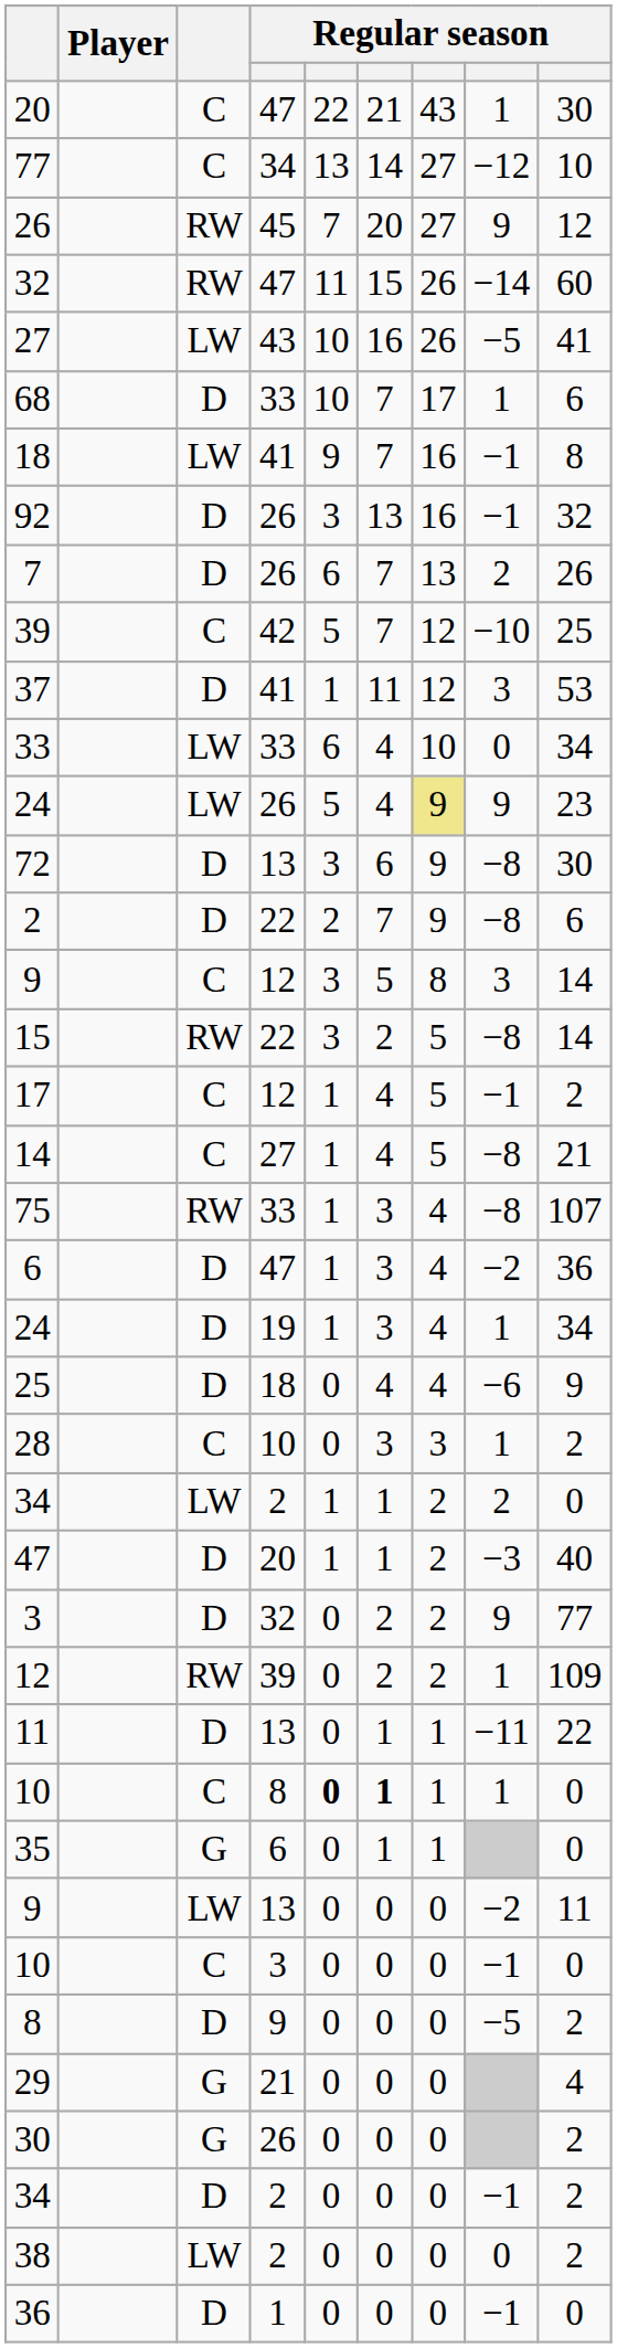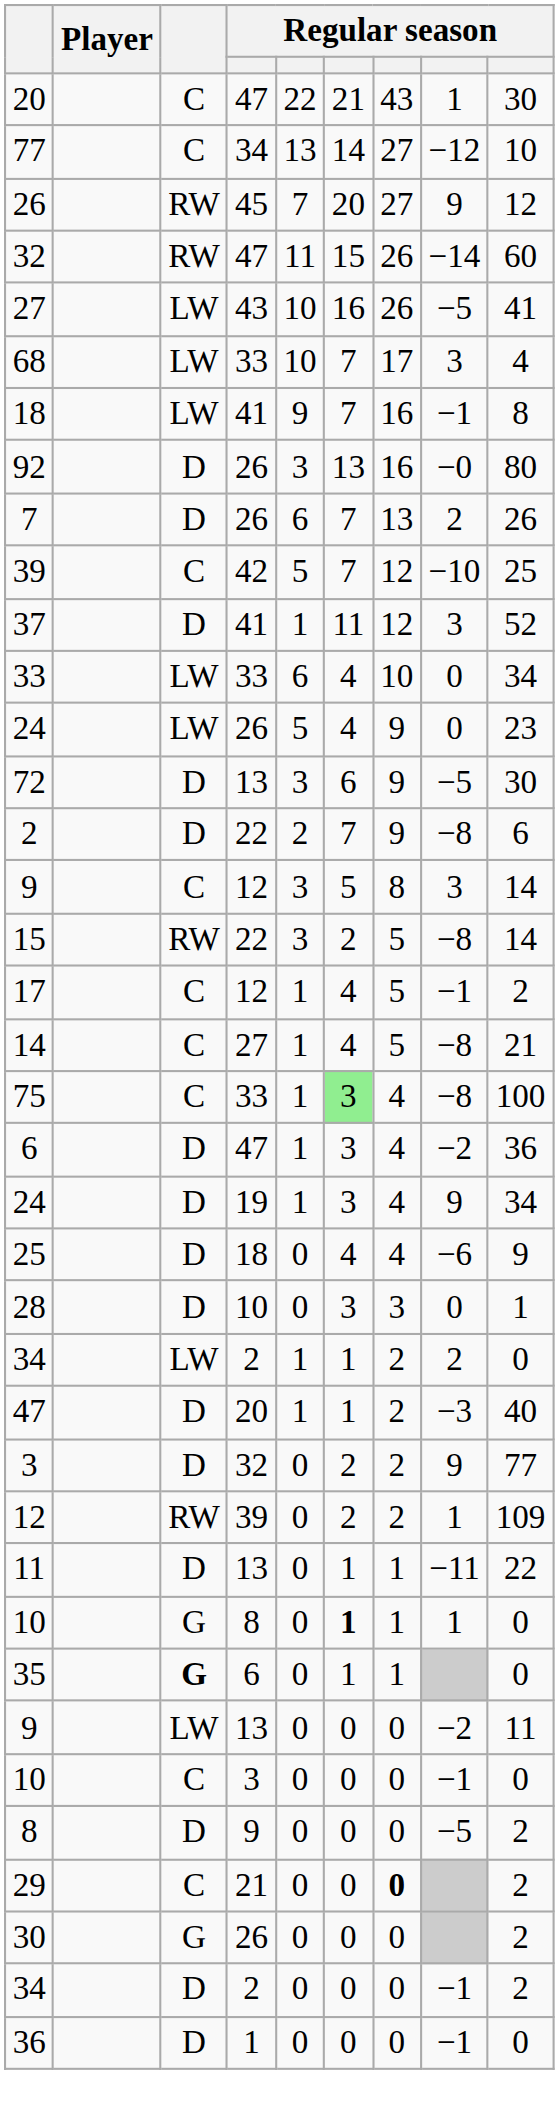 <table class="wikitable sortable plainrowheaders" style="text-align:center;">
 <tr>
 <th scope="col" data-sort-type="number" rowspan="2"></th>
 <th scope="col" rowspan="2">Player</th>
 <th scope="col" rowspan="2"></th>
 <th scope=colgroup colspan=6>Regular season</th>
 </tr>
 <tr>
 <th scope="col" data-sort-type="number"></th>
 <th scope="col" data-sort-type="number"></th>
 <th scope="col" data-sort-type="number"></th>
 <th scope="col" data-sort-type="number"></th>
 <th scope="col" data-sort-type="number"></th>
 <th scope="col" data-sort-type="number"></th>
 </tr>
 <tr>
 <td scope="row">20</td>
 <td align="left"></td>
 <td>C</td>
 <td>47</td>
 <td>22</td>
 <td>21</td>
 <td>43</td>
 <td>1</td>
 <td>30</td>
 </tr>
 <tr>
 <td scope="row">77</td>
 <td align="left"></td>
 <td>C</td>
 <td>34</td>
 <td>13</td>
 <td>14</td>
 <td>27</td>
 <td>−12</td>
 <td>10</td>
 </tr>
 <tr>
 <td scope="row">26</td>
 <td align="left"></td>
 <td>RW</td>
 <td>45</td>
 <td>7</td>
 <td>20</td>
 <td>27</td>
 <td>9</td>
 <td>12</td>
 </tr>
 <tr>
 <td scope="row">32</td>
 <td align="left"></td>
 <td>RW</td>
 <td>47</td>
 <td>11</td>
 <td>15</td>
 <td>26</td>
 <td>−14</td>
 <td>60</td>
 </tr>
 <tr>
 <td scope="row">27</td>
 <td align="left"></td>
 <td>LW</td>
 <td>43</td>
 <td>10</td>
 <td>16</td>
 <td>26</td>
 <td>−5</td>
 <td>41</td>
 </tr>
 <tr>
 <td scope="row">68</td>
 <td align="left"></td>
-<td>D</td>
+<td>LW</td>
 <td>33</td>
 <td>10</td>
 <td>7</td>
 <td>17</td>
-<td>1</td>
-<td>6</td>
+<td>3</td>
+<td>4</td>
 </tr>
 <tr>
 <td scope="row">18</td>
 <td align="left"></td>
 <td>LW</td>
 <td>41</td>
 <td>9</td>
 <td>7</td>
 <td>16</td>
 <td>−1</td>
 <td>8</td>
 </tr>
 <tr>
 <td scope="row">92</td>
 <td align="left"></td>
 <td>D</td>
 <td>26</td>
 <td>3</td>
 <td>13</td>
 <td>16</td>
-<td>−1</td>
-<td>32</td>
+<td>−0</td>
+<td>80</td>
 </tr>
 <tr>
 <td scope="row">7</td>
 <td align="left"></td>
 <td>D</td>
 <td>26</td>
 <td>6</td>
 <td>7</td>
 <td>13</td>
 <td>2</td>
 <td>26</td>
 </tr>
 <tr>
 <td scope="row">39</td>
 <td align="left"></td>
 <td>C</td>
 <td>42</td>
 <td>5</td>
 <td>7</td>
 <td>12</td>
 <td>−10</td>
 <td>25</td>
 </tr>
 <tr>
 <td scope="row">37</td>
 <td align="left"></td>
 <td>D</td>
 <td>41</td>
 <td>1</td>
 <td>11</td>
 <td>12</td>
 <td>3</td>
-<td>53</td>
+<td>52</td>
 </tr>
 <tr>
 <td scope="row">33</td>
 <td align="left"></td>
 <td>LW</td>
 <td>33</td>
 <td>6</td>
 <td>4</td>
 <td>10</td>
 <td>0</td>
 <td>34</td>
 </tr>
 <tr>
 <td scope="row">24</td>
 <td align="left"></td>
 <td>LW</td>
 <td>26</td>
 <td>5</td>
 <td>4</td>
-<td style="background: khaki;">9</td>
 <td>9</td>
+<td>0</td>
 <td>23</td>
 </tr>
 <tr>
 <td scope="row">72</td>
 <td align="left"></td>
 <td>D</td>
 <td>13</td>
 <td>3</td>
 <td>6</td>
 <td>9</td>
-<td>−8</td>
+<td>−5</td>
 <td>30</td>
 </tr>
 <tr>
 <td scope="row">2</td>
 <td align="left"></td>
 <td>D</td>
 <td>22</td>
 <td>2</td>
 <td>7</td>
 <td>9</td>
 <td>−8</td>
 <td>6</td>
 </tr>
 <tr>
 <td scope="row">9</td>
 <td align="left"></td>
 <td>C</td>
 <td>12</td>
 <td>3</td>
 <td>5</td>
 <td>8</td>
 <td>3</td>
 <td>14</td>
 </tr>
 <tr>
 <td scope="row">15</td>
 <td align="left"></td>
 <td>RW</td>
 <td>22</td>
 <td>3</td>
 <td>2</td>
 <td>5</td>
 <td>−8</td>
 <td>14</td>
 </tr>
 <tr>
 <td scope="row">17</td>
 <td align="left"></td>
 <td>C</td>
 <td>12</td>
 <td>1</td>
 <td>4</td>
 <td>5</td>
 <td>−1</td>
 <td>2</td>
 </tr>
 <tr>
 <td scope="row">14</td>
 <td align="left"></td>
 <td>C</td>
 <td>27</td>
 <td>1</td>
 <td>4</td>
 <td>5</td>
 <td>−8</td>
 <td>21</td>
 </tr>
 <tr>
 <td scope="row">75</td>
 <td align="left"></td>
-<td>RW</td>
+<td>C</td>
 <td>33</td>
 <td>1</td>
-<td>3</td>
+<td style="background: lightgreen;">3</td>
 <td>4</td>
 <td>−8</td>
-<td>107</td>
+<td>100</td>
 </tr>
 <tr>
 <td scope="row">6</td>
 <td align="left"></td>
 <td>D</td>
 <td>47</td>
 <td>1</td>
 <td>3</td>
 <td>4</td>
 <td>−2</td>
 <td>36</td>
 </tr>
 <tr>
 <td scope="row">24</td>
 <td align="left"></td>
 <td>D</td>
 <td>19</td>
 <td>1</td>
 <td>3</td>
 <td>4</td>
-<td>1</td>
+<td>9</td>
 <td>34</td>
 </tr>
 <tr>
 <td scope="row">25</td>
 <td align="left"></td>
 <td>D</td>
 <td>18</td>
 <td>0</td>
 <td>4</td>
 <td>4</td>
 <td>−6</td>
 <td>9</td>
 </tr>
 <tr>
 <td scope="row">28</td>
 <td align="left"></td>
-<td>C</td>
+<td>D</td>
 <td>10</td>
 <td>0</td>
 <td>3</td>
 <td>3</td>
+<td>0</td>
 <td>1</td>
-<td>2</td>
 </tr>
 <tr>
 <td scope="row">34</td>
 <td align="left"></td>
 <td>LW</td>
 <td>2</td>
 <td>1</td>
 <td>1</td>
 <td>2</td>
 <td>2</td>
 <td>0</td>
 </tr>
 <tr>
 <td scope="row">47</td>
 <td align="left"></td>
 <td>D</td>
 <td>20</td>
 <td>1</td>
 <td>1</td>
 <td>2</td>
 <td>−3</td>
 <td>40</td>
 </tr>
 <tr>
 <td scope="row">3</td>
 <td align="left"></td>
 <td>D</td>
 <td>32</td>
 <td>0</td>
 <td>2</td>
 <td>2</td>
 <td>9</td>
 <td>77</td>
 </tr>
 <tr>
 <td scope="row">12</td>
 <td align="left"></td>
 <td>RW</td>
 <td>39</td>
 <td>0</td>
 <td>2</td>
 <td>2</td>
 <td>1</td>
 <td>109</td>
 </tr>
 <tr>
 <td scope="row">11</td>
 <td align="left"></td>
 <td>D</td>
 <td>13</td>
 <td>0</td>
 <td>1</td>
 <td>1</td>
 <td>−11</td>
 <td>22</td>
 </tr>
 <tr>
 <td scope="row">10</td>
 <td align="left"></td>
-<td>C</td>
+<td>G</td>
 <td>8</td>
-<td><strong>0</strong></td>
+<td>0</td>
 <td><strong>1</strong></td>
 <td>1</td>
 <td>1</td>
 <td>0</td>
 </tr>
 <tr>
 <td scope="row">35</td>
 <td align="left"></td>
-<td>G</td>
+<td><strong>G</strong></td>
 <td>6</td>
 <td>0</td>
 <td>1</td>
 <td>1</td>
 <td style="background:#ccc"></td>
 <td>0</td>
 </tr>
 <tr>
 <td scope="row">9</td>
 <td align="left"></td>
 <td>LW</td>
 <td>13</td>
 <td>0</td>
 <td>0</td>
 <td>0</td>
 <td>−2</td>
 <td>11</td>
 </tr>
 <tr>
 <td scope="row">10</td>
 <td align="left"></td>
 <td>C</td>
 <td>3</td>
 <td>0</td>
 <td>0</td>
 <td>0</td>
 <td>−1</td>
 <td>0</td>
 </tr>
 <tr>
 <td scope="row">8</td>
 <td align="left"></td>
 <td>D</td>
 <td>9</td>
 <td>0</td>
 <td>0</td>
 <td>0</td>
 <td>−5</td>
 <td>2</td>
 </tr>
 <tr>
 <td scope="row">29</td>
 <td align="left"></td>
-<td>G</td>
+<td>C</td>
 <td>21</td>
 <td>0</td>
 <td>0</td>
-<td>0</td>
+<td><strong>0</strong></td>
 <td style="background:#ccc"></td>
-<td>4</td>
+<td>2</td>
 </tr>
 <tr>
 <td scope="row">30</td>
 <td align="left"></td>
 <td>G</td>
 <td>26</td>
 <td>0</td>
 <td>0</td>
 <td>0</td>
 <td style="background:#ccc"></td>
 <td>2</td>
 </tr>
 <tr>
 <td scope="row">34</td>
 <td align="left"></td>
 <td>D</td>
 <td>2</td>
 <td>0</td>
 <td>0</td>
 <td>0</td>
 <td>−1</td>
 <td>2</td>
 </tr>
 <tr>
-<td scope="row">38</td>
-<td align="left"></td>
-<td>LW</td>
-<td>2</td>
-<td>0</td>
-<td>0</td>
-<td>0</td>
-<td>0</td>
-<td>2</td>
-</tr>
-<tr>
 <td scope="row">36</td>
 <td align="left"></td>
 <td>D</td>
 <td>1</td>
 <td>0</td>
 <td>0</td>
 <td>0</td>
 <td>−1</td>
 <td>0</td>
 </tr>
 </table>
